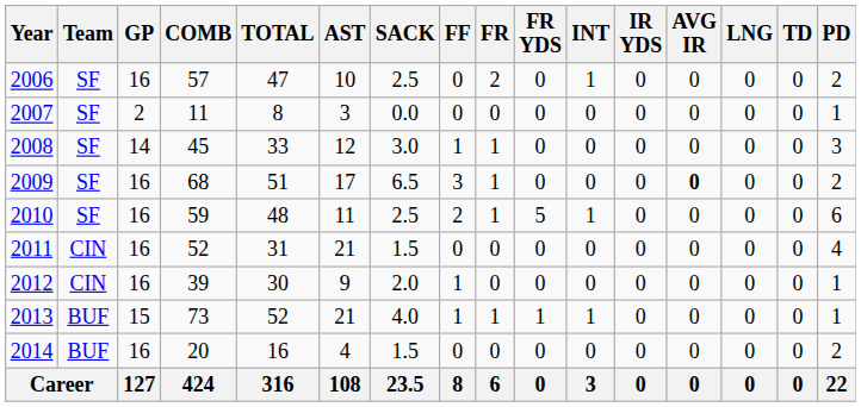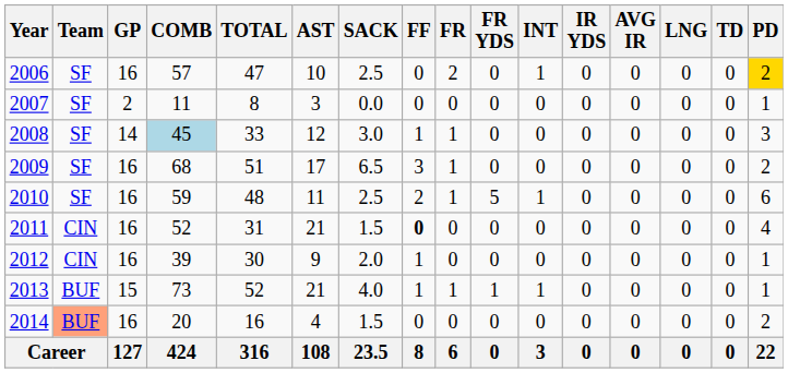 <table class="wikitable" style="text-align:center">
 <tr>
 <th>Year</th>
 <th>Team</th>
 <th>GP</th>
 <th>COMB</th>
 <th>TOTAL</th>
 <th>AST</th>
 <th>SACK</th>
 <th>FF</th>
 <th>FR</th>
 <th>FR YDS</th>
 <th>INT</th>
 <th>IR YDS</th>
 <th>AVG IR</th>
 <th>LNG</th>
 <th>TD</th>
 <th>PD</th>
 </tr>
 <tr>
 <td><a href='#'>2006</a></td>
 <td><a href='#'>SF</a></td>
 <td>16</td>
 <td>57</td>
 <td>47</td>
 <td>10</td>
 <td>2.5</td>
 <td>0</td>
 <td>2</td>
 <td>0</td>
 <td>1</td>
 <td>0</td>
 <td>0</td>
 <td>0</td>
 <td>0</td>
-<td>2</td>
+<td style="background: gold;">2</td>
 </tr>
 <tr>
 <td><a href='#'>2007</a></td>
 <td><a href='#'>SF</a></td>
 <td>2</td>
 <td>11</td>
 <td>8</td>
 <td>3</td>
 <td>0.0</td>
 <td>0</td>
 <td>0</td>
 <td>0</td>
 <td>0</td>
 <td>0</td>
 <td>0</td>
 <td>0</td>
 <td>0</td>
 <td>1</td>
 </tr>
 <tr>
 <td><a href='#'>2008</a></td>
 <td><a href='#'>SF</a></td>
 <td>14</td>
-<td>45</td>
+<td style="background: lightblue;">45</td>
 <td>33</td>
 <td>12</td>
 <td>3.0</td>
 <td>1</td>
 <td>1</td>
 <td>0</td>
 <td>0</td>
 <td>0</td>
 <td>0</td>
 <td>0</td>
 <td>0</td>
 <td>3</td>
 </tr>
 <tr>
 <td><a href='#'>2009</a></td>
 <td><a href='#'>SF</a></td>
 <td>16</td>
 <td>68</td>
 <td>51</td>
 <td>17</td>
 <td>6.5</td>
 <td>3</td>
 <td>1</td>
 <td>0</td>
 <td>0</td>
 <td>0</td>
-<td><strong>0</strong></td>
+<td>0</td>
 <td>0</td>
 <td>0</td>
 <td>2</td>
 </tr>
 <tr>
 <td><a href='#'>2010</a></td>
 <td><a href='#'>SF</a></td>
 <td>16</td>
 <td>59</td>
 <td>48</td>
 <td>11</td>
 <td>2.5</td>
 <td>2</td>
 <td>1</td>
 <td>5</td>
 <td>1</td>
 <td>0</td>
 <td>0</td>
 <td>0</td>
 <td>0</td>
 <td>6</td>
 </tr>
 <tr>
 <td><a href='#'>2011</a></td>
 <td><a href='#'>CIN</a></td>
 <td>16</td>
 <td>52</td>
 <td>31</td>
 <td>21</td>
 <td>1.5</td>
-<td>0</td>
+<td><strong>0</strong></td>
 <td>0</td>
 <td>0</td>
 <td>0</td>
 <td>0</td>
 <td>0</td>
 <td>0</td>
 <td>0</td>
 <td>4</td>
 </tr>
 <tr>
 <td><a href='#'>2012</a></td>
 <td><a href='#'>CIN</a></td>
 <td>16</td>
 <td>39</td>
 <td>30</td>
 <td>9</td>
 <td>2.0</td>
 <td>1</td>
 <td>0</td>
 <td>0</td>
 <td>0</td>
 <td>0</td>
 <td>0</td>
 <td>0</td>
 <td>0</td>
 <td>1</td>
 </tr>
 <tr>
 <td><a href='#'>2013</a></td>
 <td><a href='#'>BUF</a></td>
 <td>15</td>
 <td>73</td>
 <td>52</td>
 <td>21</td>
 <td>4.0</td>
 <td>1</td>
 <td>1</td>
 <td>1</td>
 <td>1</td>
 <td>0</td>
 <td>0</td>
 <td>0</td>
 <td>0</td>
 <td>1</td>
 </tr>
 <tr>
 <td><a href='#'>2014</a></td>
-<td><a href='#'>BUF</a></td>
+<td style="background: lightsalmon;"><a href='#'>BUF</a></td>
 <td>16</td>
 <td>20</td>
 <td>16</td>
 <td>4</td>
 <td>1.5</td>
 <td>0</td>
 <td>0</td>
 <td>0</td>
 <td>0</td>
 <td>0</td>
 <td>0</td>
 <td>0</td>
 <td>0</td>
 <td>2</td>
 </tr>
 <tr>
 <th colspan="2">Career</th>
 <th>127</th>
 <th>424</th>
 <th>316</th>
 <th>108</th>
 <th>23.5</th>
 <th>8</th>
 <th>6</th>
 <th>0</th>
 <th>3</th>
 <th>0</th>
 <th>0</th>
 <th>0</th>
 <th>0</th>
 <th>22</th>
 </tr>
 </table>
